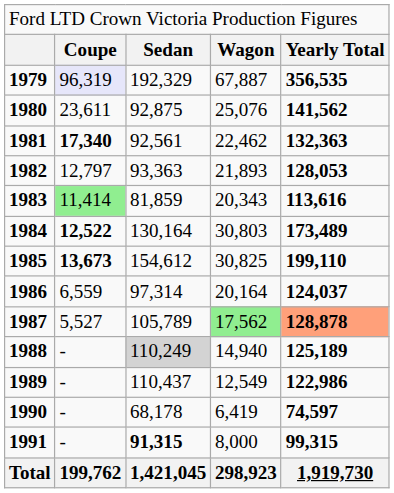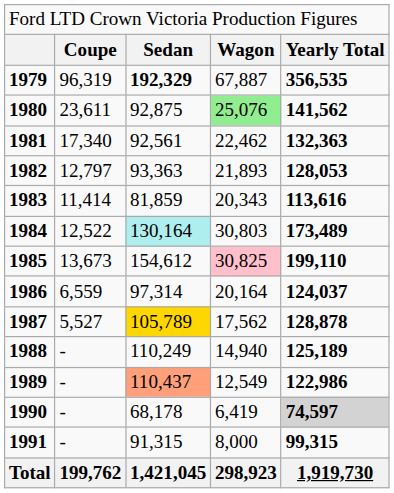 <table class="wikitable">
 <tr>
 <td colspan="5">Ford LTD Crown Victoria Production Figures</td>
 </tr>
 <tr>
 <th></th>
 <th>Coupe</th>
 <th>Sedan</th>
 <th>Wagon</th>
 <th>Yearly Total</th>
 </tr>
 <tr>
 <td><strong>1979</strong></td>
-<td style="background: lavender;">96,319</td>
-<td>192,329</td>
+<td>96,319</td>
+<td><strong>192,329</strong></td>
 <td>67,887</td>
 <td><strong>356,535</strong></td>
 </tr>
 <tr>
 <td><strong>1980</strong></td>
 <td>23,611</td>
 <td>92,875</td>
-<td>25,076</td>
+<td style="background: lightgreen;">25,076</td>
 <td><strong>141,562</strong></td>
 </tr>
 <tr>
 <td><strong>1981</strong></td>
-<td><strong>17,340</strong></td>
+<td>17,340</td>
 <td>92,561</td>
 <td>22,462</td>
 <td><strong>132,363</strong></td>
 </tr>
 <tr>
 <td><strong>1982</strong></td>
 <td>12,797</td>
 <td>93,363</td>
 <td>21,893</td>
 <td><strong>128,053</strong></td>
 </tr>
 <tr>
 <td><strong>1983</strong></td>
-<td style="background: lightgreen;">11,414</td>
+<td>11,414</td>
 <td>81,859</td>
 <td>20,343</td>
 <td><strong>113,616</strong></td>
 </tr>
 <tr>
 <td><strong>1984</strong></td>
-<td><strong>12,522</strong></td>
-<td>130,164</td>
+<td>12,522</td>
+<td style="background: paleturquoise;">130,164</td>
 <td>30,803</td>
 <td><strong>173,489</strong></td>
 </tr>
 <tr>
 <td><strong>1985</strong></td>
-<td><strong>13,673</strong></td>
+<td>13,673</td>
 <td>154,612</td>
-<td>30,825</td>
+<td style="background: pink;">30,825</td>
 <td><strong>199,110</strong></td>
 </tr>
 <tr>
 <td><strong>1986</strong></td>
 <td>6,559</td>
 <td>97,314</td>
 <td>20,164</td>
 <td><strong>124,037</strong></td>
 </tr>
 <tr>
 <td><strong>1987</strong></td>
 <td>5,527</td>
-<td>105,789</td>
-<td style="background: lightgreen;">17,562</td>
-<td style="background: lightsalmon;"><strong>128,878</strong></td>
+<td style="background: gold;">105,789</td>
+<td>17,562</td>
+<td><strong>128,878</strong></td>
 </tr>
 <tr>
 <td><strong>1988</strong></td>
 <td>-</td>
-<td style="background: lightgrey;">110,249</td>
+<td>110,249</td>
 <td>14,940</td>
 <td><strong>125,189</strong></td>
 </tr>
 <tr>
 <td><strong>1989</strong></td>
 <td>-</td>
-<td>110,437</td>
+<td style="background: lightsalmon;">110,437</td>
 <td>12,549</td>
 <td><strong>122,986</strong></td>
 </tr>
 <tr>
 <td><strong>1990</strong></td>
 <td>-</td>
 <td>68,178</td>
 <td>6,419</td>
-<td><strong>74,597</strong></td>
+<td style="background: lightgrey;"><strong>74,597</strong></td>
 </tr>
 <tr>
 <td><strong>1991</strong></td>
 <td>-</td>
-<td><strong>91,315</strong></td>
+<td>91,315</td>
 <td>8,000</td>
 <td><strong>99,315</strong></td>
 </tr>
 <tr>
 <th>Total</th>
 <th>199,762</th>
 <th>1,421,045</th>
 <th>298,923</th>
 <th><u>1,919,730</u></th>
 </tr>
 </table>
